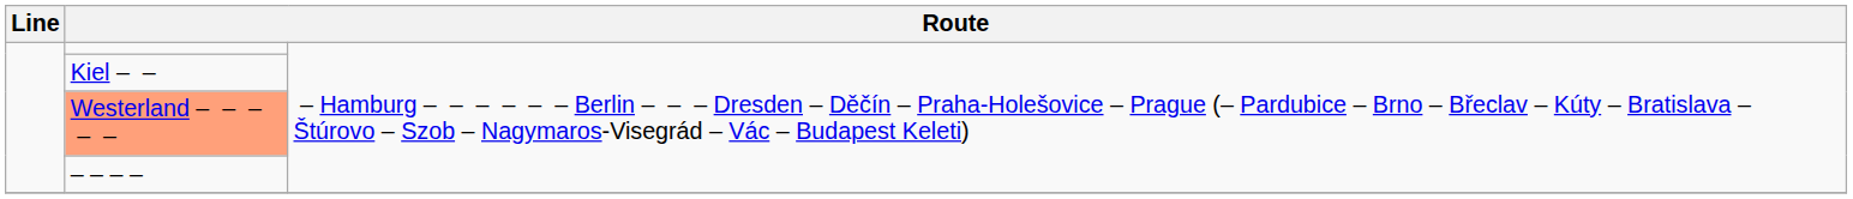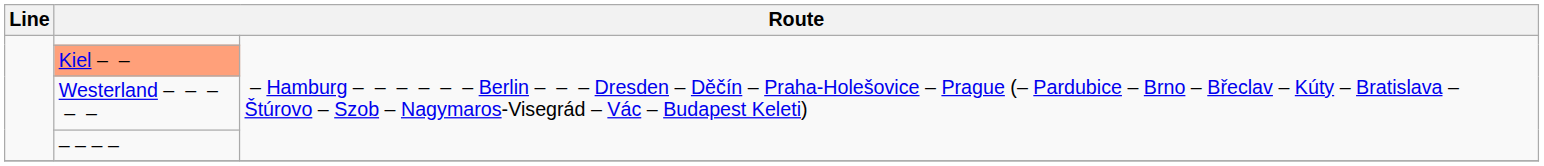 <table class="wikitable">
 <tr>
 <th>Line</th>
 <th colspan="4">Route</th>
 </tr>
 <tr>
 <td rowspan="4"></td>
 <td></td>
 <td rowspan="4"> – <a href='#'>Hamburg</a> – <em></em> –  –  –  –  – <a href='#'>Berlin</a> –  <em></em> –  – <a href='#'>Dresden</a> –  <a href='#'>Děčín</a> –  <a href='#'>Praha-Holešovice</a> – <a href='#'>Prague</a> (– <a href='#'>Pardubice</a> –  <a href='#'>Brno</a> – <a href='#'>Břeclav</a> – <a href='#'>Kúty</a> – <a href='#'>Bratislava</a> –  <a href='#'>Štúrovo</a> – <a href='#'>Szob</a> – <a href='#'>Nagymaros</a>-Visegrád – <a href='#'>Vác</a> – <a href='#'>Budapest Keleti</a>)</td>
 </tr>
 <tr>
-<td rowspan="1"><a href='#'>Kiel</a> –  –</td>
+<td rowspan="1" style="background: lightsalmon;"><a href='#'>Kiel</a> –  –</td>
 </tr>
 <tr>
-<td rowspan="1" style="background: lightsalmon;"><a href='#'>Westerland</a> –  –  –  –  –</td>
+<td rowspan="1"><a href='#'>Westerland</a> –  –  –  –  –</td>
 </tr>
 <tr>
 <td> –  –  –  –</td>
 </tr>
 <tr>
 </tr>
 </table>
